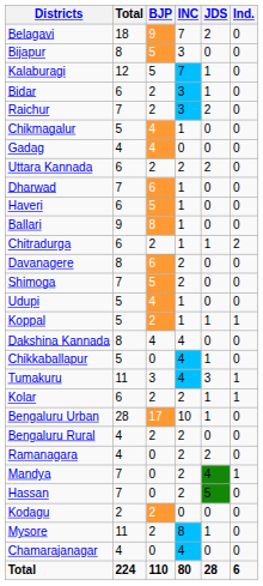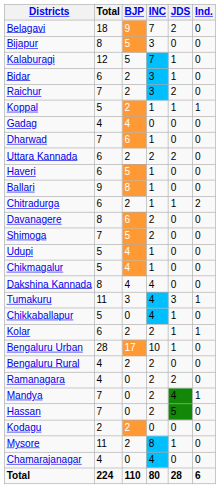 <table class="wikitable">
 <tr>
 <th><a href='#'>Districts</a></th>
 <th>Total</th>
 <th><a href='#'>BJP</a></th>
 <th><a href='#'>INC</a></th>
 <th><a href='#'>JDS</a></th>
 <th><a href='#'>Ind.</a></th>
 </tr>
 <tr>
 <td><a href='#'>Belagavi</a></td>
 <td>18</td>
 <td style="background:#FF9933; color:white">9</td>
 <td>7</td>
 <td>2</td>
 <td>0</td>
 </tr>
 <tr>
 <td><a href='#'>Bijapur</a></td>
 <td>8</td>
 <td style="background:#FF9933; color:white">5</td>
 <td>3</td>
 <td>0</td>
 <td>0</td>
 </tr>
 <tr>
 <td><a href='#'>Kalaburagi</a></td>
 <td>12</td>
 <td>5</td>
 <td style="background:#00BFFF; color:white”">7</td>
 <td>1</td>
 <td>0</td>
 </tr>
 <tr>
 <td><a href='#'>Bidar</a></td>
 <td>6</td>
 <td>2</td>
 <td style="background:#00BFFF; color:white”">3</td>
 <td>1</td>
 <td>0</td>
 </tr>
 <tr>
 <td><a href='#'>Raichur</a></td>
 <td>7</td>
 <td>2</td>
 <td style="background:#00BFFF; color:white”">3</td>
 <td>2</td>
 <td>0</td>
 </tr>
 <tr>
-<td><a href='#'>Chikmagalur</a></td>
+<td><a href='#'>Koppal</a></td>
 <td>5</td>
-<td style="background:#FF9933; color:white">4</td>
+<td style="background:#FF9933; color:white">2</td>
 <td>1</td>
-<td>0</td>
-<td>0</td>
+<td>1</td>
+<td>1</td>
 </tr>
 <tr>
 <td><a href='#'>Gadag</a></td>
 <td>4</td>
 <td style="background:#FF9933; color:white">4</td>
 <td>0</td>
 <td>0</td>
 <td>0</td>
 </tr>
 <tr>
+<td><a href='#'>Dharwad</a></td>
+<td>7</td>
+<td style="background:#FF9933; color:white">6</td>
+<td>1</td>
+<td>0</td>
+<td>0</td>
+</tr>
+<tr>
 <td><a href='#'>Uttara Kannada</a></td>
 <td>6</td>
 <td>2</td>
 <td>2</td>
 <td>2</td>
-<td>0</td>
-</tr>
-<tr>
-<td><a href='#'>Dharwad</a></td>
-<td>7</td>
-<td style="background:#FF9933; color:white">6</td>
-<td>1</td>
-<td>0</td>
 <td>0</td>
 </tr>
 <tr>
 <td><a href='#'>Haveri</a></td>
 <td>6</td>
 <td style="background:#FF9933; color:white">5</td>
 <td>1</td>
 <td>0</td>
 <td>0</td>
 </tr>
 <tr>
 <td><a href='#'>Ballari</a></td>
 <td>9</td>
 <td style="background:#FF9933; color:white">8</td>
 <td>1</td>
 <td>0</td>
 <td>0</td>
 </tr>
 <tr>
 <td><a href='#'>Chitradurga</a></td>
 <td>6</td>
 <td>2</td>
 <td>1</td>
 <td>1</td>
 <td>2</td>
 </tr>
 <tr>
 <td><a href='#'>Davanagere</a></td>
 <td>8</td>
 <td style="background:#FF9933; color:white">6</td>
 <td>2</td>
 <td>0</td>
 <td>0</td>
 </tr>
 <tr>
 <td><a href='#'>Shimoga</a></td>
 <td>7</td>
 <td style="background:#FF9933; color:white">5</td>
 <td>2</td>
 <td>0</td>
 <td>0</td>
 </tr>
 <tr>
 <td><a href='#'>Udupi</a></td>
 <td>5</td>
 <td style="background:#FF9933; color:white">4</td>
 <td>1</td>
 <td>0</td>
 <td>0</td>
 </tr>
 <tr>
-<td><a href='#'>Koppal</a></td>
+<td><a href='#'>Chikmagalur</a></td>
 <td>5</td>
-<td style="background:#FF9933; color:white">2</td>
+<td style="background:#FF9933; color:white">4</td>
 <td>1</td>
-<td>1</td>
-<td>1</td>
+<td>0</td>
+<td>0</td>
 </tr>
 <tr>
 <td><a href='#'>Dakshina Kannada</a></td>
 <td>8</td>
 <td>4</td>
 <td>4</td>
 <td>0</td>
 <td>0</td>
 </tr>
 <tr>
+<td><a href='#'>Tumakuru</a></td>
+<td>11</td>
+<td>3</td>
+<td style="background:#00BFFF; color:white”">4</td>
+<td>3</td>
+<td>1</td>
+</tr>
+<tr>
 <td><a href='#'>Chikkaballapur</a></td>
 <td>5</td>
 <td>0</td>
 <td style="background:#00BFFF; color:white”">4</td>
 <td>1</td>
 <td>0</td>
-</tr>
-<tr>
-<td><a href='#'>Tumakuru</a></td>
-<td>11</td>
-<td>3</td>
-<td style="background:#00BFFF; color:white”">4</td>
-<td>3</td>
-<td>1</td>
 </tr>
 <tr>
 <td><a href='#'>Kolar</a></td>
 <td>6</td>
 <td>2</td>
 <td>2</td>
 <td>1</td>
 <td>1</td>
 </tr>
 <tr>
 <td><a href='#'>Bengaluru Urban</a></td>
 <td>28</td>
 <td style="background:#FF9933; color:white">17</td>
 <td>10</td>
 <td>1</td>
 <td>0</td>
 </tr>
 <tr>
 <td><a href='#'>Bengaluru Rural</a></td>
 <td>4</td>
 <td>2</td>
 <td>2</td>
 <td>0</td>
 <td>0</td>
 </tr>
 <tr>
 <td><a href='#'>Ramanagara</a></td>
 <td>4</td>
 <td>0</td>
 <td>2</td>
 <td>2</td>
 <td>0</td>
 </tr>
 <tr>
 <td><a href='#'>Mandya</a></td>
 <td>7</td>
 <td>0</td>
 <td>2</td>
 <td style="background:#138808; color:white”">4</td>
 <td>1</td>
 </tr>
 <tr>
 <td><a href='#'>Hassan</a></td>
 <td>7</td>
 <td>0</td>
 <td>2</td>
 <td style="background:#138808; color:white”">5</td>
 <td>0</td>
 </tr>
 <tr>
 <td><a href='#'>Kodagu</a></td>
 <td>2</td>
 <td style="background:#FF9933; color:white">2</td>
 <td>0</td>
 <td>0</td>
 <td>0</td>
 </tr>
 <tr>
 <td><a href='#'>Mysore</a></td>
 <td>11</td>
 <td>2</td>
 <td style="background:#00BFFF; color:white”">8</td>
 <td>1</td>
 <td>0</td>
 </tr>
 <tr>
 <td><a href='#'>Chamarajanagar</a></td>
 <td>4</td>
 <td>0</td>
 <td style="background:#00BFFF; color:white”">4</td>
 <td>0</td>
 <td>0</td>
 </tr>
 <tr>
 <td><strong>Total</strong></td>
 <td><strong>224</strong></td>
 <td><strong>110</strong></td>
 <td><strong>80</strong></td>
 <td><strong>28</strong></td>
 <td><strong>6</strong></td>
 </tr>
 </table>
